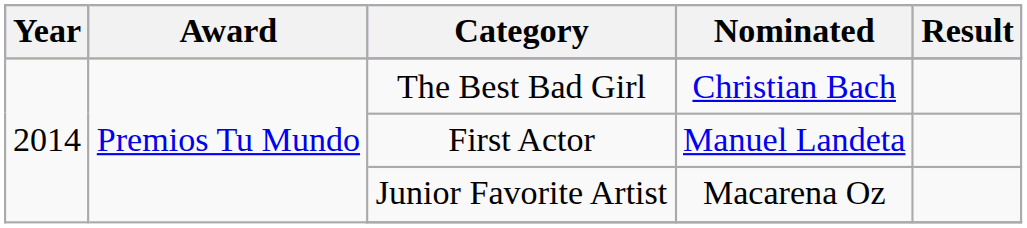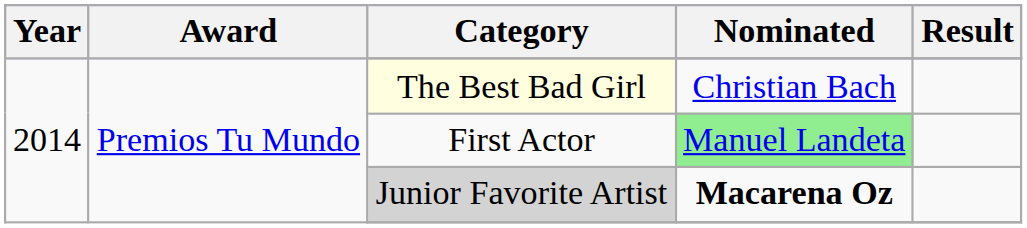 <table class="wikitable plainrowheaders" style="text-align:center;">
 <tr style="background:#96c;">
 <th scope="col">Year</th>
 <th scope="col">Award</th>
 <th scope="col">Category</th>
 <th scope="col">Nominated</th>
 <th scope="col">Result</th>
 </tr>
 <tr>
 <td scope="row" rowspan="10">2014</td>
 <td rowspan="8"><a href='#'>Premios Tu Mundo</a></td>
 </tr>
 <tr>
-<td scope="row">The Best Bad Girl</td>
+<td scope="row" style="background: lightyellow;">The Best Bad Girl</td>
 <td><a href='#'>Christian Bach</a></td>
 <td></td>
 </tr>
 <tr>
 <td scope="row">First Actor</td>
-<td><a href='#'>Manuel Landeta</a></td>
+<td style="background: lightgreen;"><a href='#'>Manuel Landeta</a></td>
 <td></td>
 </tr>
 <tr>
-<td scope="row">Junior Favorite Artist</td>
-<td>Macarena Oz</td>
+<td scope="row" style="background: lightgrey;">Junior Favorite Artist</td>
+<td><strong>Macarena Oz</strong></td>
 <td></td>
 </tr>
 <tr>
 </tr>
 </table>
